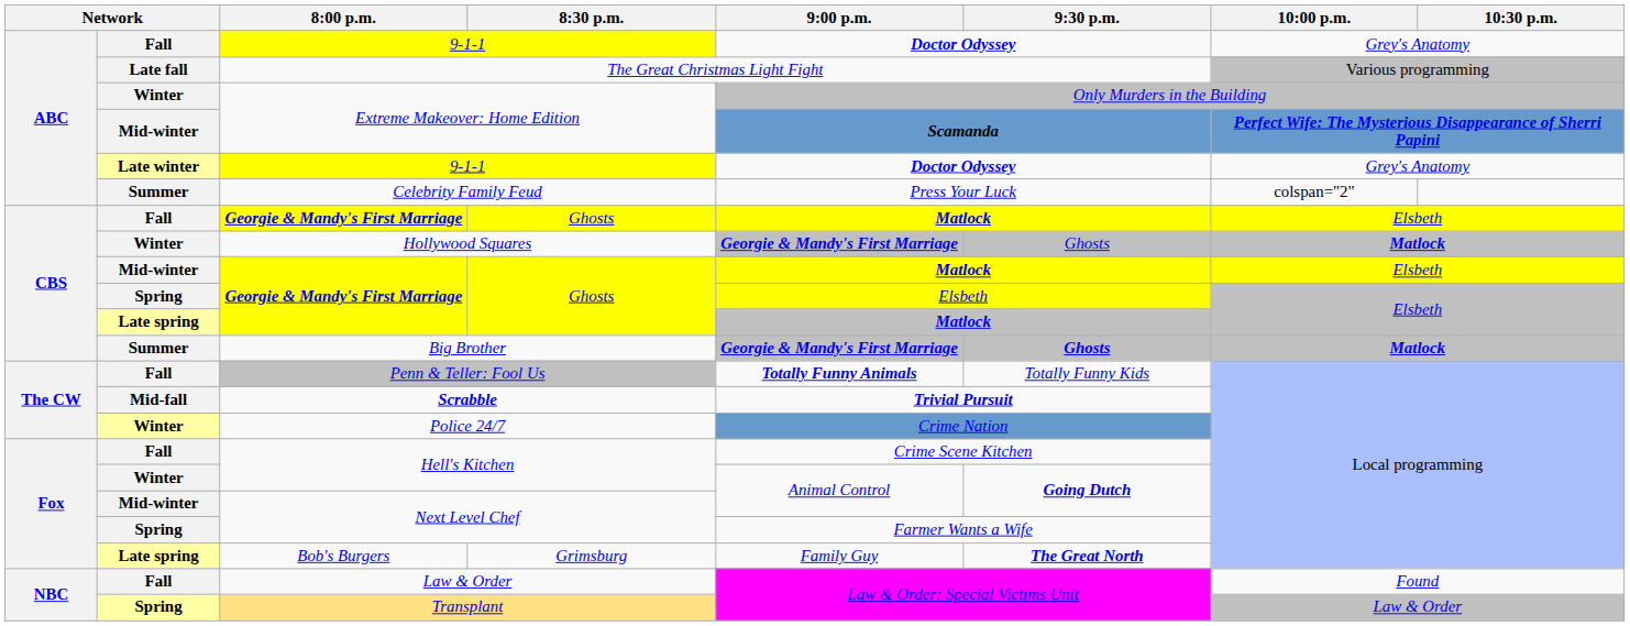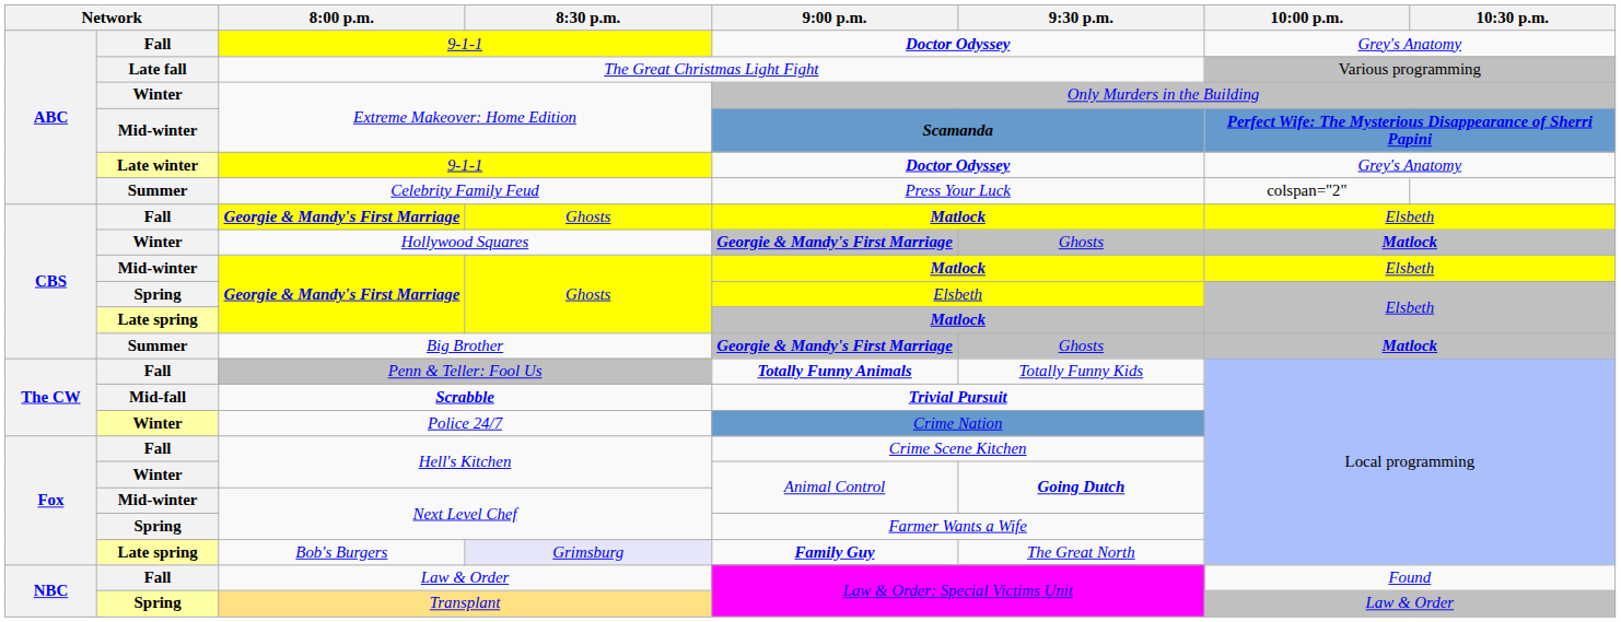 <table class="wikitable" style="width:100%;margin-right:0;text-align:center">
 <tr>
 <th colspan="2" style="width:13%;">Network</th>
 <th style="width:15%;">8:00 p.m.</th>
 <th style="width:15%;">8:30 p.m.</th>
 <th style="width:15%;">9:00 p.m.</th>
 <th style="width:15%;">9:30 p.m.</th>
 <th style="width:12.5%;">10:00 p.m.</th>
 <th style="width:12.5%;">10:30 p.m.</th>
 </tr>
 <tr>
 <th rowspan="6"><a href='#'>ABC</a></th>
 <th>Fall</th>
 <td colspan="2" style="background:yellow;"><em><a href='#'>9-1-1</a></em> </td>
 <td colspan="2"><strong><em><a href='#'>Doctor Odyssey</a></em></strong></td>
 <td colspan="2"><em><a href='#'>Grey's Anatomy</a></em></td>
 </tr>
 <tr>
 <th>Late fall</th>
 <td colspan="4"><em><a href='#'>The Great Christmas Light Fight</a></em></td>
 <td colspan="2" style="background:#C0C0C0;">Various programming</td>
 </tr>
 <tr>
 <th>Winter</th>
 <td rowspan="2" colspan="2"><em><a href='#'>Extreme Makeover: Home Edition</a></em></td>
 <td colspan="4" style="background:#C0C0C0;"><em><a href='#'>Only Murders in the Building</a></em> </td>
 </tr>
 <tr>
 <th>Mid-winter</th>
 <td colspan="2" style="background:#6699CC;"><strong><em>Scamanda</em></strong></td>
 <td colspan="2" style="background:#6699CC;"><strong><em><a href='#'>Perfect Wife: The Mysterious Disappearance of Sherri Papini</a></em></strong> </td>
 </tr>
 <tr>
 <th style="background:#FFFFA3;">Late winter</th>
 <td colspan="2" style="background:yellow;"><em><a href='#'>9-1-1</a></em> </td>
 <td colspan="2"><strong><em><a href='#'>Doctor Odyssey</a></em></strong></td>
 <td colspan="2"><em><a href='#'>Grey's Anatomy</a></em></td>
 </tr>
 <tr>
 <th>Summer</th>
 <td colspan="2"><em><a href='#'>Celebrity Family Feud</a></em> </td>
 <td colspan="2"><em><a href='#'>Press Your Luck</a></em> </td>
 <td>colspan="2" </td>
 </tr>
 <tr>
 <th rowspan="6"><a href='#'>CBS</a></th>
 <th>Fall</th>
 <td style="background:yellow;"><strong><em><a href='#'>Georgie & Mandy's First Marriage</a></em></strong> <br></td>
 <td style="background:yellow;"><em><a href='#'>Ghosts</a></em> <br></td>
 <td colspan="2" style="background:yellow;"><strong><em><a href='#'>Matlock</a></em></strong> </td>
 <td colspan="2" style="background:yellow;"><em><a href='#'>Elsbeth</a></em> </td>
 </tr>
 <tr>
 <th>Winter</th>
 <td colspan="2"><em><a href='#'>Hollywood Squares</a></em></td>
 <td style="background:#C0C0C0;"><strong><em><a href='#'>Georgie & Mandy's First Marriage</a></em></strong> </td>
 <td style="background:#C0C0C0;"><em><a href='#'>Ghosts</a></em> </td>
 <td colspan="2" style="background:#C0C0C0;"><strong><em><a href='#'>Matlock</a></em></strong> </td>
 </tr>
 <tr>
 <th>Mid-winter</th>
 <td rowspan="3" style="background:yellow;"><strong><em><a href='#'>Georgie & Mandy's First Marriage</a></em></strong> <br></td>
 <td rowspan="3" style="background:yellow;"><em><a href='#'>Ghosts</a></em> <br></td>
 <td colspan="2" style="background:yellow;"><strong><em><a href='#'>Matlock</a></em></strong> </td>
 <td colspan="2" style="background:yellow;"><em><a href='#'>Elsbeth</a></em> </td>
 </tr>
 <tr>
 <th>Spring</th>
 <td colspan="2" style="background:yellow;"><em><a href='#'>Elsbeth</a></em> </td>
 <td rowspan="2" colspan="2" style="background:#C0C0C0;"><em><a href='#'>Elsbeth</a></em> </td>
 </tr>
 <tr>
 <th style="background:#FFFFA3;">Late spring</th>
 <td colspan="2" style="background:#C0C0C0;"><strong><em><a href='#'>Matlock</a></em></strong> </td>
 </tr>
 <tr>
 <th>Summer</th>
 <td colspan="2"><em><a href='#'>Big Brother</a></em> </td>
 <td style="background:#C0C0C0;"><strong><em><a href='#'>Georgie & Mandy's First Marriage</a></em></strong>  </td>
-<td style="background:#C0C0C0;"><strong><em><a href='#'>Ghosts</a></em>  </strong></td>
+<td style="background:#C0C0C0;"><em><a href='#'>Ghosts</a></em>  </td>
 <td colspan="2" style="background:#C0C0C0;"><strong><em><a href='#'>Matlock</a></em></strong>  </td>
 </tr>
 <tr>
 <th rowspan="3"><a href='#'>The CW</a></th>
 <th>Fall</th>
 <td colspan="2" style="background:#C0C0C0;"><em><a href='#'>Penn & Teller: Fool Us</a></em> </td>
 <td><strong><em><a href='#'>Totally Funny Animals</a></em></strong></td>
 <td><em><a href='#'>Totally Funny Kids</a></em></td>
 <td rowspan="8" colspan="2" style="background:#abbfff;">Local programming</td>
 </tr>
 <tr>
 <th>Mid-fall</th>
 <td colspan="2"><strong><em><a href='#'>Scrabble</a></em></strong></td>
 <td colspan="2"><strong><em><a href='#'>Trivial Pursuit</a></em></strong></td>
 </tr>
 <tr>
 <th style="background:#FFFFA3;">Winter</th>
 <td colspan="2"><em><a href='#'>Police 24/7</a></em></td>
 <td colspan="2" style="background:#6699CC;"><em><a href='#'>Crime Nation</a></em></td>
 </tr>
 <tr>
 <th rowspan="5"><a href='#'>Fox</a></th>
 <th>Fall</th>
 <td rowspan="2" colspan="2"><em><a href='#'>Hell's Kitchen</a></em></td>
 <td colspan="2"><em><a href='#'>Crime Scene Kitchen</a></em></td>
 </tr>
 <tr>
 <th>Winter</th>
 <td rowspan="2"><em><a href='#'>Animal Control</a></em></td>
 <td rowspan="2"><strong><em><a href='#'>Going Dutch</a></em></strong></td>
 </tr>
 <tr>
 <th>Mid-winter</th>
 <td rowspan="2" colspan="2"><em><a href='#'>Next Level Chef</a></em></td>
 </tr>
 <tr>
 <th>Spring</th>
 <td colspan="2"><em><a href='#'>Farmer Wants a Wife</a></em></td>
 </tr>
 <tr>
 <th style="background:#FFFFA3;">Late spring</th>
 <td><em><a href='#'>Bob's Burgers</a></em></td>
-<td><em><a href='#'>Grimsburg</a></em></td>
-<td><em><a href='#'>Family Guy</a></em></td>
-<td><strong><em><a href='#'>The Great North</a></em></strong></td>
+<td style="background: lavender;"><em><a href='#'>Grimsburg</a></em></td>
+<td><strong><em><a href='#'>Family Guy</a></em></strong></td>
+<td><em><a href='#'>The Great North</a></em></td>
 </tr>
 <tr>
 <th rowspan="2"><a href='#'>NBC</a></th>
 <th>Fall</th>
 <td colspan="2"><em><a href='#'>Law & Order</a></em></td>
 <td rowspan="2" colspan="2" style="background:magenta;"><em><a href='#'>Law & Order: Special Victims Unit</a></em> <br></td>
 <td colspan="2"><em><a href='#'>Found</a></em></td>
 </tr>
 <tr>
 <th style="background:#FFFFA3;">Spring</th>
 <td colspan="2" style="background:#FFE082;"><em><a href='#'>Transplant</a></em></td>
 <td colspan="2" style="background:#C0C0C0;"><em><a href='#'>Law & Order</a></em> </td>
 </tr>
 </table>
